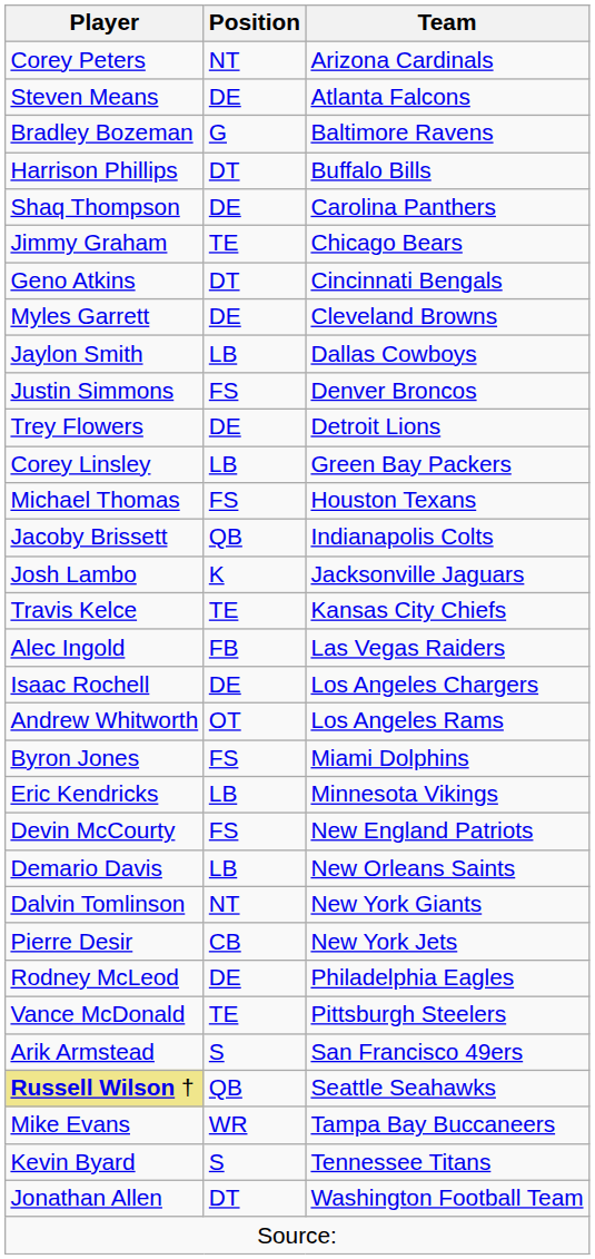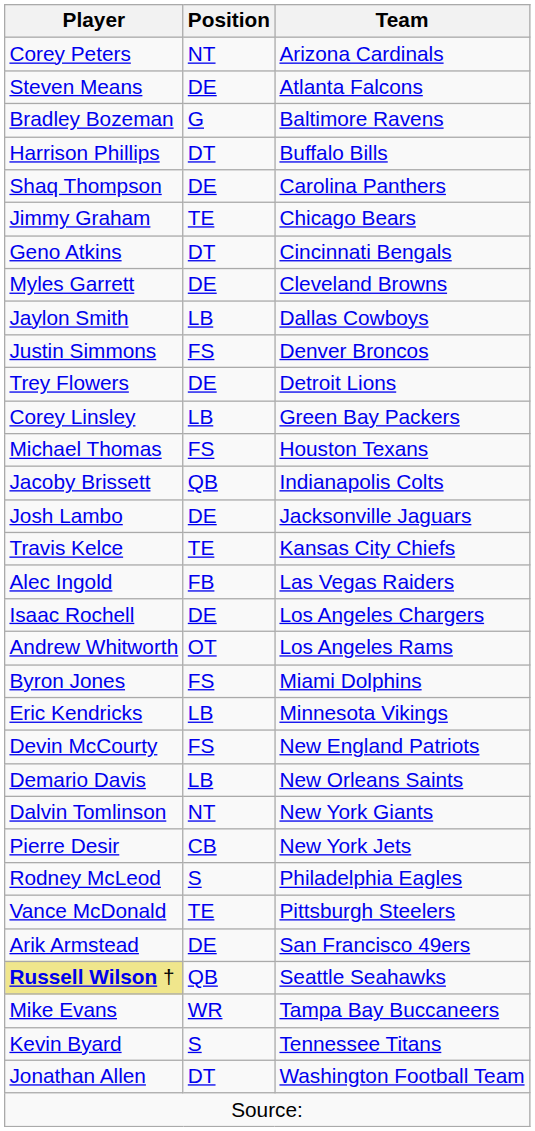 <table class="wikitable sortable">
 <tr>
 <th>Player</th>
 <th>Position</th>
 <th>Team</th>
 </tr>
 <tr>
 <td><a href='#'>Corey Peters</a></td>
 <td><a href='#'>NT</a></td>
 <td><a href='#'>Arizona Cardinals</a></td>
 </tr>
 <tr>
 <td><a href='#'>Steven Means</a></td>
 <td><a href='#'>DE</a></td>
 <td><a href='#'>Atlanta Falcons</a></td>
 </tr>
 <tr>
 <td><a href='#'>Bradley Bozeman</a></td>
 <td><a href='#'>G</a></td>
 <td><a href='#'>Baltimore Ravens</a></td>
 </tr>
 <tr>
 <td><a href='#'>Harrison Phillips</a></td>
 <td><a href='#'>DT</a></td>
 <td><a href='#'>Buffalo Bills</a></td>
 </tr>
 <tr>
 <td><a href='#'>Shaq Thompson</a></td>
 <td><a href='#'>DE</a></td>
 <td><a href='#'>Carolina Panthers</a></td>
 </tr>
 <tr>
 <td><a href='#'>Jimmy Graham</a></td>
 <td><a href='#'>TE</a></td>
 <td><a href='#'>Chicago Bears</a></td>
 </tr>
 <tr>
 <td><a href='#'>Geno Atkins</a></td>
 <td><a href='#'>DT</a></td>
 <td><a href='#'>Cincinnati Bengals</a></td>
 </tr>
 <tr>
 <td><a href='#'>Myles Garrett</a></td>
 <td><a href='#'>DE</a></td>
 <td><a href='#'>Cleveland Browns</a></td>
 </tr>
 <tr>
 <td><a href='#'>Jaylon Smith</a></td>
 <td><a href='#'>LB</a></td>
 <td><a href='#'>Dallas Cowboys</a></td>
 </tr>
 <tr>
 <td><a href='#'>Justin Simmons</a></td>
 <td><a href='#'>FS</a></td>
 <td><a href='#'>Denver Broncos</a></td>
 </tr>
 <tr>
 <td><a href='#'>Trey Flowers</a></td>
 <td><a href='#'>DE</a></td>
 <td><a href='#'>Detroit Lions</a></td>
 </tr>
 <tr>
 <td><a href='#'>Corey Linsley</a></td>
 <td><a href='#'>LB</a></td>
 <td><a href='#'>Green Bay Packers</a></td>
 </tr>
 <tr>
 <td><a href='#'>Michael Thomas</a></td>
 <td><a href='#'>FS</a></td>
 <td><a href='#'>Houston Texans</a></td>
 </tr>
 <tr>
 <td><a href='#'>Jacoby Brissett</a></td>
 <td><a href='#'>QB</a></td>
 <td><a href='#'>Indianapolis Colts</a></td>
 </tr>
 <tr>
 <td><a href='#'>Josh Lambo</a></td>
-<td><a href='#'>K</a></td>
+<td><a href='#'>DE</a></td>
 <td><a href='#'>Jacksonville Jaguars</a></td>
 </tr>
 <tr>
 <td><a href='#'>Travis Kelce</a></td>
 <td><a href='#'>TE</a></td>
 <td><a href='#'>Kansas City Chiefs</a></td>
 </tr>
 <tr>
 <td><a href='#'>Alec Ingold</a></td>
 <td><a href='#'>FB</a></td>
 <td><a href='#'>Las Vegas Raiders</a></td>
 </tr>
 <tr>
 <td><a href='#'>Isaac Rochell</a></td>
 <td><a href='#'>DE</a></td>
 <td><a href='#'>Los Angeles Chargers</a></td>
 </tr>
 <tr>
 <td><a href='#'>Andrew Whitworth</a></td>
 <td><a href='#'>OT</a></td>
 <td><a href='#'>Los Angeles Rams</a></td>
 </tr>
 <tr>
 <td><a href='#'>Byron Jones</a></td>
 <td><a href='#'>FS</a></td>
 <td><a href='#'>Miami Dolphins</a></td>
 </tr>
 <tr>
 <td><a href='#'>Eric Kendricks</a></td>
 <td><a href='#'>LB</a></td>
 <td><a href='#'>Minnesota Vikings</a></td>
 </tr>
 <tr>
 <td><a href='#'>Devin McCourty</a></td>
 <td><a href='#'>FS</a></td>
 <td><a href='#'>New England Patriots</a></td>
 </tr>
 <tr>
 <td><a href='#'>Demario Davis</a></td>
 <td><a href='#'>LB</a></td>
 <td><a href='#'>New Orleans Saints</a></td>
 </tr>
 <tr>
 <td><a href='#'>Dalvin Tomlinson</a></td>
 <td><a href='#'>NT</a></td>
 <td><a href='#'>New York Giants</a></td>
 </tr>
 <tr>
 <td><a href='#'>Pierre Desir</a></td>
 <td><a href='#'>CB</a></td>
 <td><a href='#'>New York Jets</a></td>
 </tr>
 <tr>
 <td><a href='#'>Rodney McLeod</a></td>
-<td><a href='#'>DE</a></td>
+<td><a href='#'>S</a></td>
 <td><a href='#'>Philadelphia Eagles</a></td>
 </tr>
 <tr>
 <td><a href='#'>Vance McDonald</a></td>
 <td><a href='#'>TE</a></td>
 <td><a href='#'>Pittsburgh Steelers</a></td>
 </tr>
 <tr>
 <td><a href='#'>Arik Armstead</a></td>
-<td><a href='#'>S</a></td>
+<td><a href='#'>DE</a></td>
 <td><a href='#'>San Francisco 49ers</a></td>
 </tr>
 <tr>
 <td style="background-color:Khaki; border:1px solid #aaaaaa"><strong><a href='#'>Russell Wilson</a></strong> †</td>
 <td><a href='#'>QB</a></td>
 <td><a href='#'>Seattle Seahawks</a></td>
 </tr>
 <tr>
 <td><a href='#'>Mike Evans</a></td>
 <td><a href='#'>WR</a></td>
 <td><a href='#'>Tampa Bay Buccaneers</a></td>
 </tr>
 <tr>
 <td><a href='#'>Kevin Byard</a></td>
 <td><a href='#'>S</a></td>
 <td><a href='#'>Tennessee Titans</a></td>
 </tr>
 <tr>
 <td><a href='#'>Jonathan Allen</a></td>
 <td><a href='#'>DT</a></td>
 <td><a href='#'>Washington Football Team</a></td>
 </tr>
 <tr>
 <td style="text-align:center;"colspan="3">Source:</td>
 </tr>
 </table>
